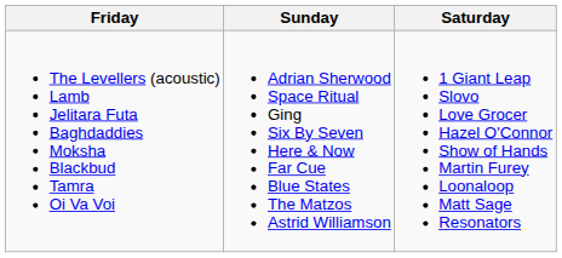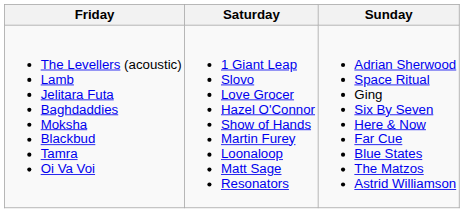 <table class="wikitable">
 <tr>
 <th>Friday</th>
+<th>Saturday</th>
 <th>Sunday</th>
-<th>Saturday</th>
 </tr>
 <tr valign="top">
 <td><br><ul><li><a href='#'>The Levellers</a> (acoustic)</li><li><a href='#'>Lamb</a></li><li><a href='#'>Jelitara Futa</a></li><li><a href='#'>Baghdaddies</a></li><li><a href='#'>Moksha</a></li><li><a href='#'>Blackbud</a></li><li><a href='#'>Tamra</a></li><li><a href='#'>Oi Va Voi</a></li></ul></td>
+<td><br><ul><li><a href='#'>1 Giant Leap</a></li><li><a href='#'>Slovo</a></li><li><a href='#'>Love Grocer</a></li><li><a href='#'>Hazel O'Connor</a></li><li><a href='#'>Show of Hands</a></li><li><a href='#'>Martin Furey</a></li><li><a href='#'>Loonaloop</a></li><li><a href='#'>Matt Sage</a></li><li><a href='#'>Resonators</a></li></ul></td>
 <td><br><ul><li><a href='#'>Adrian Sherwood</a></li><li><a href='#'>Space Ritual</a></li><li>Ging</li><li><a href='#'>Six By Seven</a></li><li><a href='#'>Here & Now</a></li><li><a href='#'>Far Cue</a></li><li><a href='#'>Blue States</a></li><li><a href='#'>The Matzos</a></li><li><a href='#'>Astrid Williamson</a></li></ul></td>
-<td><br><ul><li><a href='#'>1 Giant Leap</a></li><li><a href='#'>Slovo</a></li><li><a href='#'>Love Grocer</a></li><li><a href='#'>Hazel O'Connor</a></li><li><a href='#'>Show of Hands</a></li><li><a href='#'>Martin Furey</a></li><li><a href='#'>Loonaloop</a></li><li><a href='#'>Matt Sage</a></li><li><a href='#'>Resonators</a></li></ul></td>
 </tr>
 </table>
